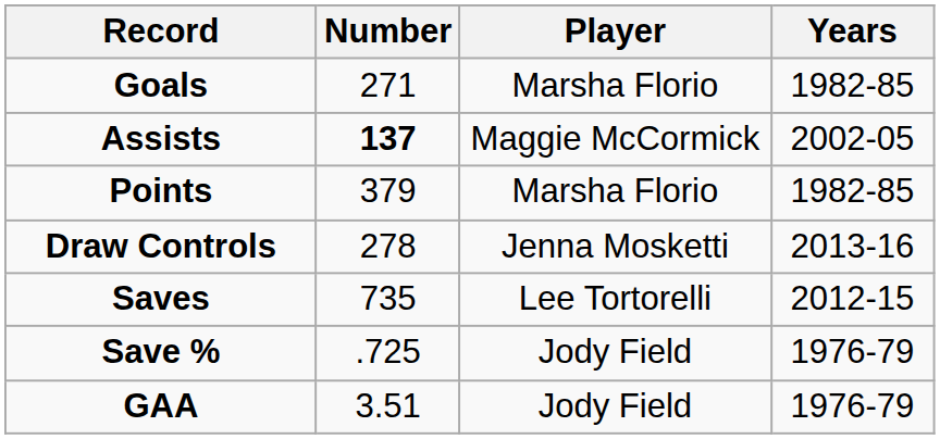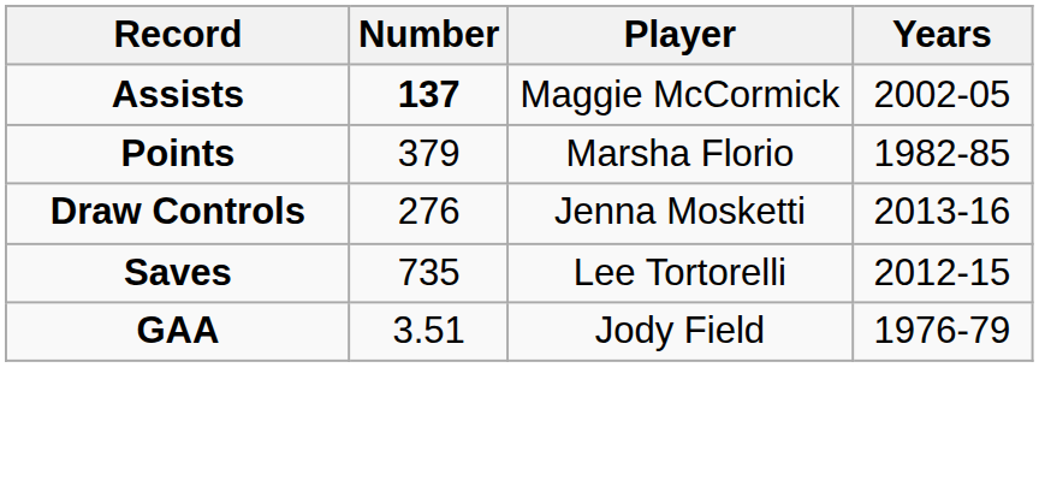 <table class="wikitable">
 <tr>
 <th style="width:140px; ">Record</th>
 <th style="width:35px; ">Number</th>
 <th style="width:140px; ">Player</th>
 <th style="width:70px; ">Years</th>
-</tr>
-<tr style="text-align:center;">
-<td><strong>Goals</strong></td>
-<td>271</td>
-<td>Marsha Florio</td>
-<td>1982-85</td>
 </tr>
 <tr style="text-align:center;">
 <td><strong>Assists</strong></td>
 <td><strong>137</strong></td>
 <td>Maggie McCormick</td>
 <td>2002-05</td>
 </tr>
 <tr style="text-align:center;">
 <td><strong>Points</strong></td>
 <td>379</td>
 <td>Marsha Florio</td>
 <td>1982-85</td>
 </tr>
 <tr style="text-align:center;">
 <td><strong>Draw Controls</strong></td>
-<td>278</td>
+<td>276</td>
 <td>Jenna Mosketti</td>
 <td>2013-16</td>
 </tr>
 <tr style="text-align:center;">
 <td><strong>Saves</strong></td>
 <td>735</td>
 <td>Lee Tortorelli</td>
 <td>2012-15</td>
 </tr>
 <tr style="text-align:center;">
-<td><strong>Save %</strong></td>
-<td>.725</td>
-<td>Jody Field</td>
-<td>1976-79</td>
-</tr>
-<tr style="text-align:center;">
 <td><strong>GAA</strong></td>
 <td>3.51</td>
 <td>Jody Field</td>
 <td>1976-79</td>
 </tr>
 </table>
